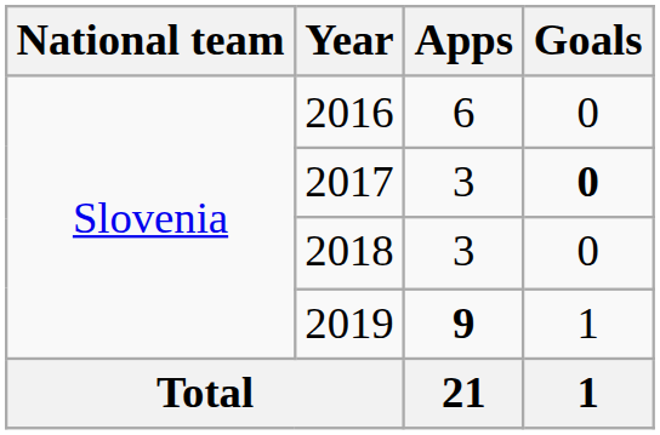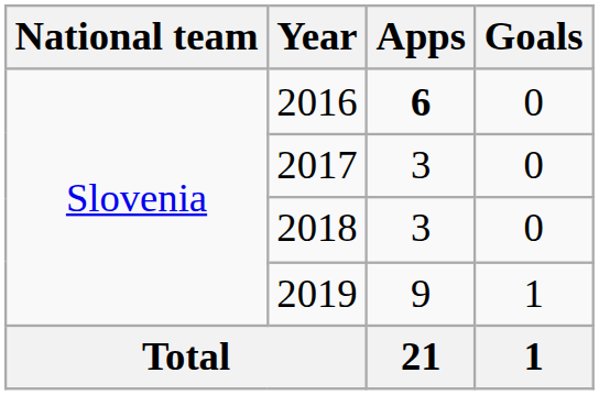 <table class=wikitable style=text-align:center>
 <tr>
 <th>National team</th>
 <th>Year</th>
 <th>Apps</th>
 <th>Goals</th>
 </tr>
 <tr>
 <td rowspan="4"><a href='#'>Slovenia</a></td>
 <td>2016</td>
-<td>6</td>
+<td><strong>6</strong></td>
 <td>0</td>
 </tr>
 <tr>
 <td>2017</td>
 <td>3</td>
-<td><strong>0</strong></td>
+<td>0</td>
 </tr>
 <tr>
 <td>2018</td>
 <td>3</td>
 <td>0</td>
 </tr>
 <tr>
 <td>2019</td>
-<td><strong>9</strong></td>
+<td>9</td>
 <td>1</td>
 </tr>
 <tr>
 <th colspan="2">Total</th>
 <th>21</th>
 <th>1</th>
 </tr>
 </table>
